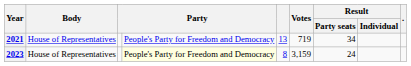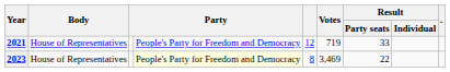 <table class="wikitable plainrowheaders sortable" border=2 cellpadding=4 cellspacing=0 style="border: 1px #aaa solid; font-size: 90%; text-align:center;">
 <tr>
 <th scope="col" rowspan=2>Year</th>
 <th scope="col" rowspan=2>Body</th>
 <th scope="col" colspan=2 rowspan=2>Party</th>
 <th scope="col" rowspan=2></th>
 <th scope="col" rowspan=2>Votes</th>
 <th scope="colgroup" colspan=2>Result</th>
 <th scope="col" rowspan=2 class="unsortable">.</th>
 </tr>
 <tr>
 <th scope="col">Party seats</th>
 <th scope="col">Individual</th>
 </tr>
 <tr>
 <th scope="row"><a href='#'>2021</a></th>
 <td><a href='#'>House of Representatives</a></td>
 <td style="background-color:"></td>
 <td><a href='#'>People's Party for Freedom and Democracy</a></td>
-<td style=text-align:right><a href='#'>13</a></td>
+<td style=text-align:right><a href='#'>12</a></td>
 <td style=text-align:right>719</td>
-<td style=text-align:right>34</td>
+<td style=text-align:right>33</td>
 <td></td>
 <td></td>
 </tr>
 <tr>
 <th scope="row"><a href='#'>2023</a></th>
 <td>House of Representatives</td>
 <td style="background-color:"></td>
 <td style="background: lightyellow;">People's Party for Freedom and Democracy</td>
 <td style=text-align:right><a href='#'>8</a></td>
-<td style=text-align:right>3,159</td>
-<td style=text-align:right>24</td>
+<td style=text-align:right>3,469</td>
+<td style=text-align:right>22</td>
 <td></td>
 <td></td>
 </tr>
 </table>
